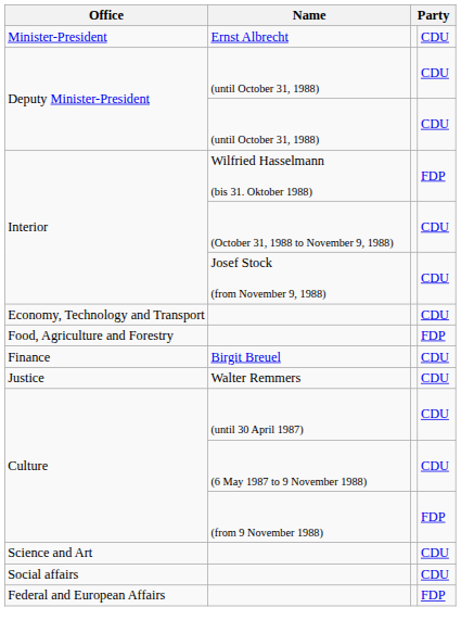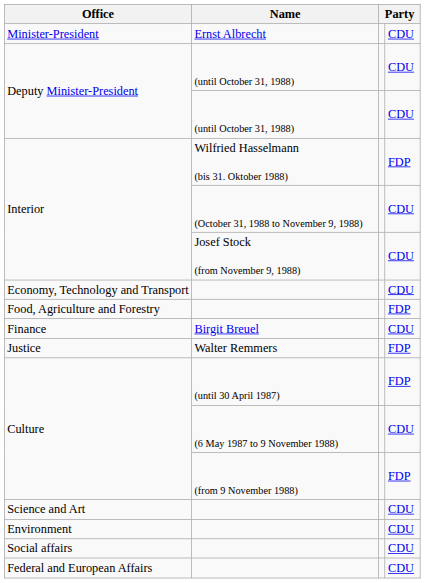 <table class="wikitable">
 <tr>
 <th width="45%">Office</th>
 <th width="45%">Name</th>
 <th colspan="2" width="10%">Party</th>
 </tr>
 <tr>
 <td><a href='#'>Minister-President</a></td>
 <td><a href='#'>Ernst Albrecht</a></td>
 <td style="background:"></td>
 <td><a href='#'>CDU</a></td>
 </tr>
 <tr>
 <td rowspan="2">Deputy <a href='#'>Minister-President</a></td>
 <td><br><br><small>(until October 31, 1988)</small></td>
 <td style="background:"></td>
 <td><a href='#'>CDU</a></td>
 </tr>
 <tr>
 <td><br><br><small>(until October 31, 1988)</small></td>
 <td style="background:"></td>
 <td><a href='#'>CDU</a></td>
 </tr>
 <tr>
 <td rowspan="3">Interior</td>
 <td>Wilfried Hasselmann<br><br><small>(bis 31. Oktober 1988)</small></td>
 <td style="background:"></td>
 <td><a href='#'>FDP</a></td>
 </tr>
 <tr>
 <td><br><br><small>(October 31, 1988 to November 9, 1988)</small></td>
 <td style="background:"></td>
 <td><a href='#'>CDU</a></td>
 </tr>
 <tr>
 <td>Josef Stock<br><br><small>(from November 9, 1988)</small></td>
 <td style="background:"></td>
 <td><a href='#'>CDU</a></td>
 </tr>
 <tr>
 <td>Economy, Technology and Transport</td>
 <td></td>
 <td style="background:"></td>
 <td><a href='#'>CDU</a></td>
 </tr>
 <tr>
 <td>Food, Agriculture and Forestry</td>
 <td></td>
 <td style="background:"></td>
 <td><a href='#'>FDP</a></td>
 </tr>
 <tr>
 <td>Finance</td>
 <td><a href='#'>Birgit Breuel</a></td>
 <td style="background:"></td>
 <td><a href='#'>CDU</a></td>
 </tr>
 <tr>
 <td>Justice</td>
 <td>Walter Remmers</td>
 <td style="background:"></td>
-<td><a href='#'>CDU</a></td>
+<td><a href='#'>FDP</a></td>
 </tr>
 <tr>
 <td rowspan="3">Culture</td>
 <td><br><br><small>(until 30 April 1987)</small></td>
 <td style="background:"></td>
-<td><a href='#'>CDU</a></td>
+<td><a href='#'>FDP</a></td>
 </tr>
 <tr>
 <td><br><br><small>(6 May 1987 to 9 November 1988)</small></td>
 <td style="background:"></td>
 <td><a href='#'>CDU</a></td>
 </tr>
 <tr>
 <td><br><br><small>(from 9 November 1988)</small></td>
 <td style="background:"></td>
 <td><a href='#'>FDP</a></td>
 </tr>
 <tr>
 <td>Science and Art</td>
 <td></td>
 <td style="background:"></td>
 <td><a href='#'>CDU</a></td>
 </tr>
 <tr>
+<td>Environment</td>
+<td></td>
+<td style="background:"></td>
+<td><a href='#'>CDU</a></td>
+</tr>
+<tr>
 <td>Social affairs</td>
 <td></td>
 <td style="background:"></td>
 <td><a href='#'>CDU</a></td>
 </tr>
 <tr>
 <td>Federal and European Affairs</td>
 <td></td>
 <td style="background:"></td>
-<td><a href='#'>FDP</a></td>
+<td><a href='#'>CDU</a></td>
 </tr>
 </table>
